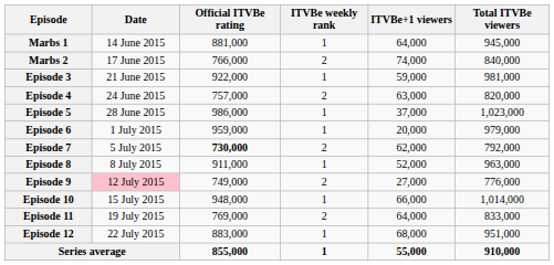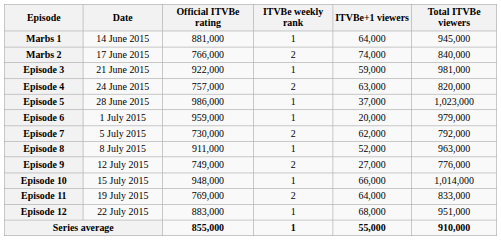 <table class="wikitable sortable" style="text-align:center">
 <tr>
 <th scope="col" style="width:120px;">Episode</th>
 <th scope="col" style="width:120px;">Date</th>
 <th scope="col" style="width:140px;">Official ITVBe rating<br></th>
 <th scope="col" style="width:120px;">ITVBe weekly rank</th>
 <th scope="col" style="width:120px;">ITVBe+1 viewers </th>
 <th scope="col" style="width:130px;">Total ITVBe viewers</th>
 </tr>
 <tr>
 <th scope="row">Marbs 1</th>
 <td>14 June 2015</td>
 <td>881,000</td>
 <td>1</td>
 <td>64,000</td>
 <td>945,000</td>
 </tr>
 <tr>
 <th scope="row">Marbs 2</th>
 <td>17 June 2015</td>
 <td>766,000</td>
 <td>2</td>
 <td>74,000</td>
 <td>840,000</td>
 </tr>
 <tr>
 <th scope="row">Episode 3</th>
 <td>21 June 2015</td>
 <td>922,000</td>
 <td>1</td>
 <td>59,000</td>
 <td>981,000</td>
 </tr>
 <tr>
 <th scope="row">Episode 4</th>
 <td>24 June 2015</td>
 <td>757,000</td>
 <td>2</td>
 <td>63,000</td>
 <td>820,000</td>
 </tr>
 <tr>
 <th scope="row">Episode 5</th>
 <td>28 June 2015</td>
 <td>986,000</td>
 <td>1</td>
 <td>37,000</td>
 <td>1,023,000</td>
 </tr>
 <tr>
 <th scope="row">Episode 6</th>
 <td>1 July 2015</td>
 <td>959,000</td>
 <td>1</td>
 <td>20,000</td>
 <td>979,000</td>
 </tr>
 <tr>
 <th scope="row">Episode 7</th>
 <td>5 July 2015</td>
-<td><strong>730,000</strong></td>
+<td>730,000</td>
 <td>2</td>
 <td>62,000</td>
 <td>792,000</td>
 </tr>
 <tr>
 <th scope="row">Episode 8</th>
 <td>8 July 2015</td>
 <td>911,000</td>
 <td>1</td>
 <td>52,000</td>
 <td>963,000</td>
 </tr>
 <tr>
 <th scope="row">Episode 9</th>
-<td style="background: pink;">12 July 2015</td>
+<td>12 July 2015</td>
 <td>749,000</td>
 <td>2</td>
 <td>27,000</td>
 <td>776,000</td>
 </tr>
 <tr>
 <th scope="row">Episode 10</th>
 <td>15 July 2015</td>
 <td>948,000</td>
 <td>1</td>
 <td>66,000</td>
 <td>1,014,000</td>
 </tr>
 <tr>
 <th scope="row">Episode 11</th>
 <td>19 July 2015</td>
 <td>769,000</td>
 <td>2</td>
 <td>64,000</td>
 <td>833,000</td>
 </tr>
 <tr>
 <th scope="row">Episode 12</th>
 <td>22 July 2015</td>
 <td>883,000</td>
 <td>1</td>
 <td>68,000</td>
 <td>951,000</td>
 </tr>
 <tr>
 <th scope="row" colspan="2">Series average</th>
 <td><strong>855,000</strong></td>
 <td><strong>1</strong></td>
 <td><strong>55,000</strong></td>
 <td><strong>910,000</strong></td>
 </tr>
 </table>
